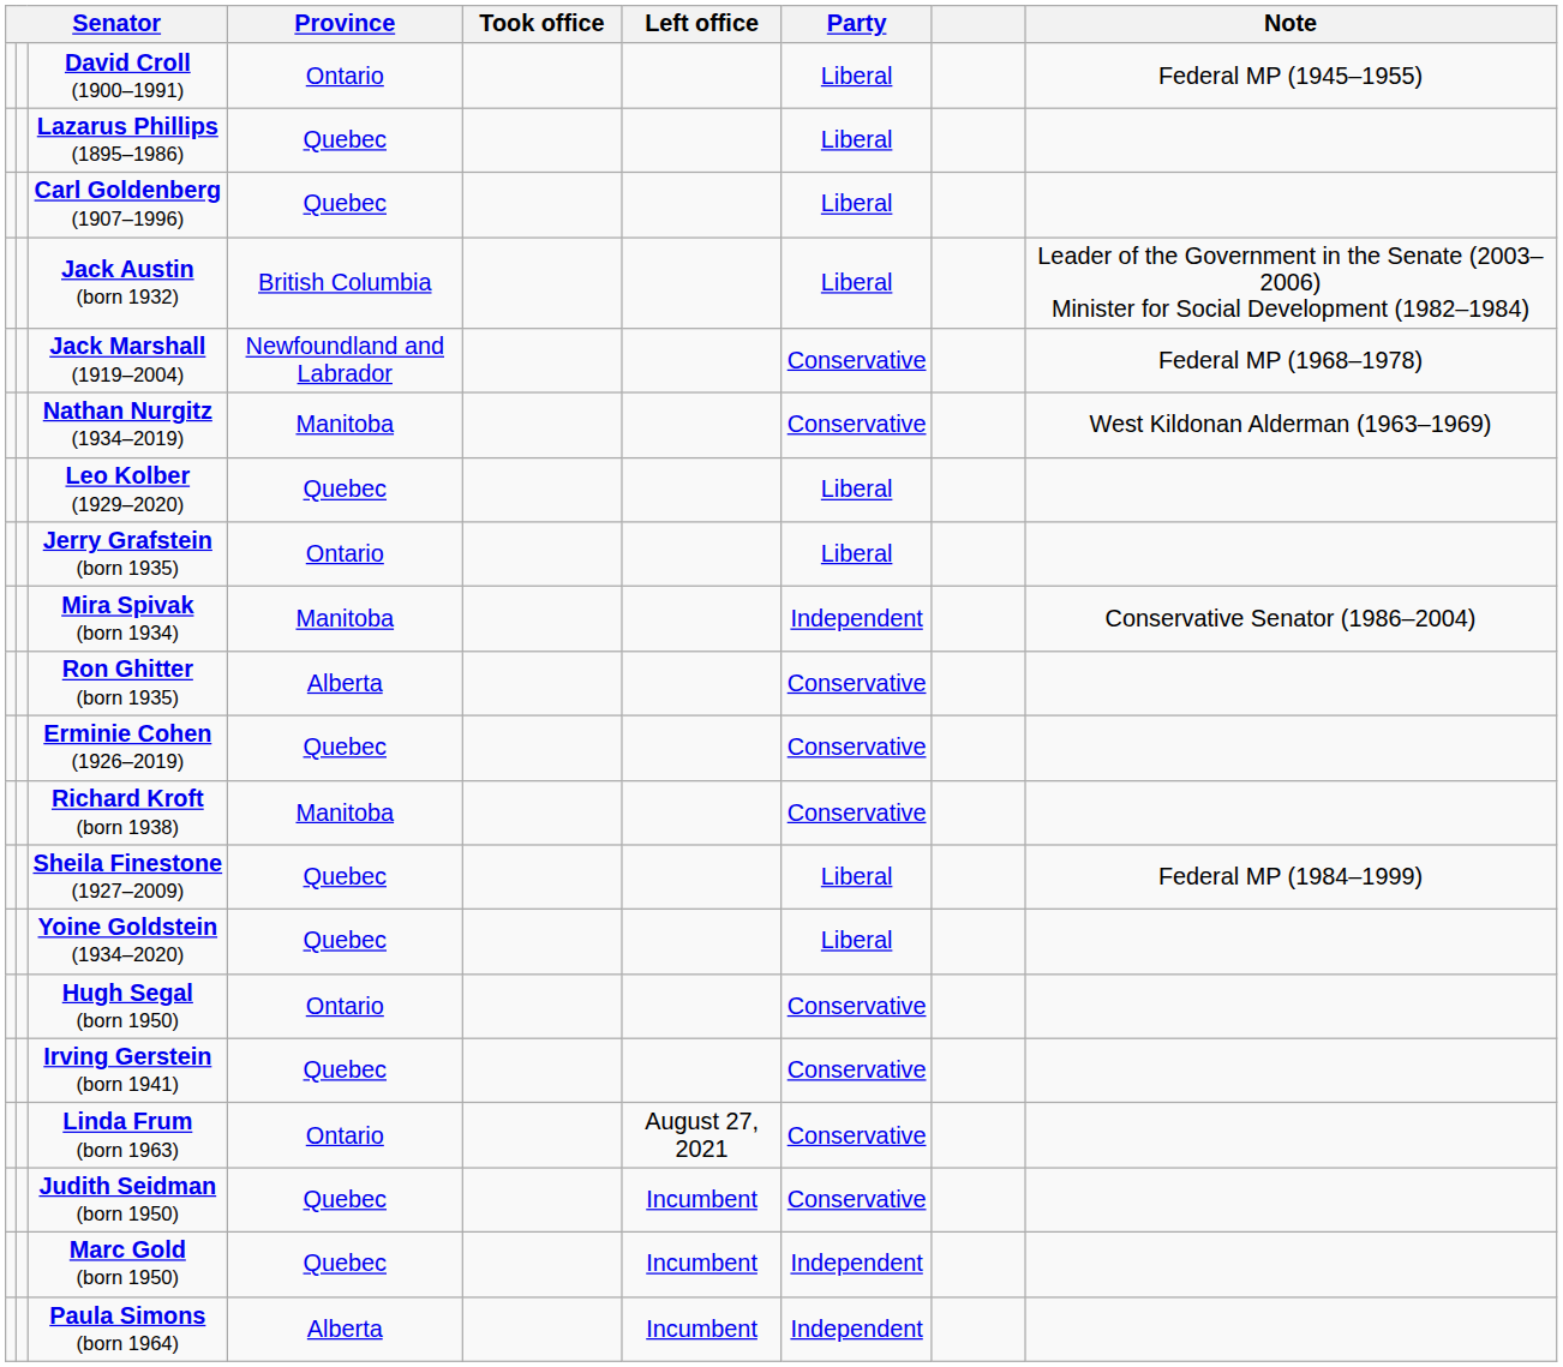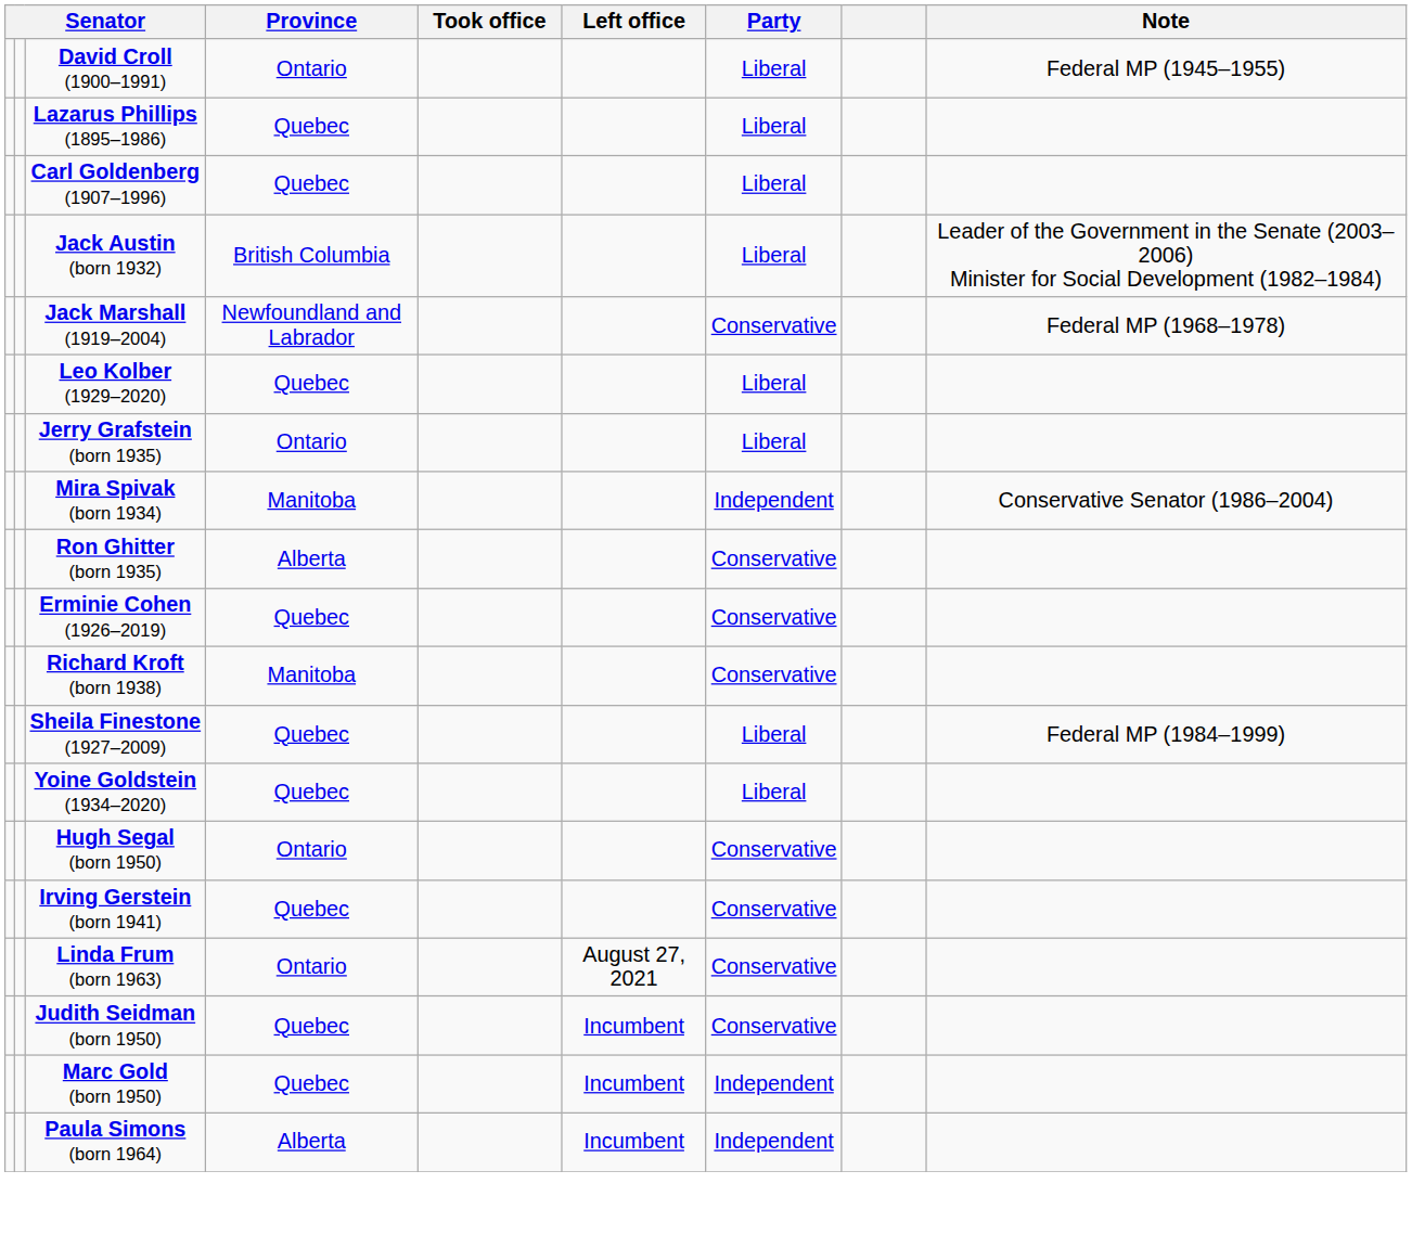 <table class="wikitable sortable plainrowheaders" style="text-align:center">
 <tr>
 <th colspan="3" class=unsortable><a href='#'>Senator</a></th>
 <th scope="col" width=150px><a href='#'>Province</a></th>
 <th scope="col" width=100px>Took office</th>
 <th scope="col" width=100px>Left office</th>
 <th scope="col" width=70px><a href='#'>Party</a></th>
 <th scope="col" class=unsortable width=55px></th>
 <th scope="col" class=unsortable width=350px>Note</th>
 </tr>
 <tr>
 <td style="background:"></td>
 <td></td>
 <td><strong><a href='#'>David Croll</a></strong><br><small>(1900–1991)</small></td>
 <td><a href='#'>Ontario</a></td>
 <td></td>
 <td></td>
 <td><a href='#'>Liberal</a></td>
 <td></td>
 <td>Federal MP (1945–1955)</td>
 </tr>
 <tr>
 <td style="background:"></td>
 <td></td>
 <td><strong><a href='#'>Lazarus Phillips</a></strong><br><small>(1895–1986)</small></td>
 <td><a href='#'>Quebec</a></td>
 <td></td>
 <td></td>
 <td><a href='#'>Liberal</a></td>
 <td></td>
 <td></td>
 </tr>
 <tr>
 <td style="background:"></td>
 <td></td>
 <td><strong><a href='#'>Carl Goldenberg</a></strong><br><small>(1907–1996)</small></td>
 <td><a href='#'>Quebec</a></td>
 <td></td>
 <td></td>
 <td><a href='#'>Liberal</a></td>
 <td></td>
 <td></td>
 </tr>
 <tr>
 <td style="background:"></td>
 <td></td>
 <td><strong><a href='#'>Jack Austin</a></strong><br><small>(born 1932)</small></td>
 <td><a href='#'>British Columbia</a></td>
 <td></td>
 <td></td>
 <td><a href='#'>Liberal</a></td>
 <td></td>
 <td>Leader of the Government in the Senate (2003–2006)<br>Minister for Social Development (1982–1984)</td>
 </tr>
 <tr>
 <td style="background:"></td>
 <td></td>
 <td><strong><a href='#'>Jack Marshall</a></strong><br><small>(1919–2004)</small></td>
 <td><a href='#'>Newfoundland and Labrador</a></td>
 <td></td>
 <td></td>
 <td><a href='#'>Conservative</a></td>
 <td></td>
 <td>Federal MP (1968–1978)</td>
-</tr>
-<tr>
-<td style="background:"></td>
-<td></td>
-<td><strong><a href='#'>Nathan Nurgitz</a></strong><br><small>(1934–2019)</small></td>
-<td><a href='#'>Manitoba</a></td>
-<td></td>
-<td></td>
-<td><a href='#'>Conservative</a></td>
-<td></td>
-<td>West Kildonan Alderman (1963–1969)</td>
 </tr>
 <tr>
 <td style="background:"></td>
 <td></td>
 <td><strong><a href='#'>Leo Kolber</a></strong><br><small>(1929–2020)</small></td>
 <td><a href='#'>Quebec</a></td>
 <td></td>
 <td></td>
 <td><a href='#'>Liberal</a></td>
 <td></td>
 <td></td>
 </tr>
 <tr>
 <td style="background:"></td>
 <td></td>
 <td><strong><a href='#'>Jerry Grafstein</a></strong><br><small>(born 1935)</small></td>
 <td><a href='#'>Ontario</a></td>
 <td></td>
 <td></td>
 <td><a href='#'>Liberal</a></td>
 <td></td>
 <td></td>
 </tr>
 <tr>
 <td style="background:"></td>
 <td></td>
 <td><strong><a href='#'>Mira Spivak</a></strong><br><small>(born 1934)</small></td>
 <td><a href='#'>Manitoba</a></td>
 <td></td>
 <td></td>
 <td><a href='#'>Independent</a></td>
 <td></td>
 <td>Conservative Senator (1986–2004)</td>
 </tr>
 <tr>
 <td style="background:"></td>
 <td></td>
 <td><strong><a href='#'>Ron Ghitter</a></strong><br><small>(born 1935)</small></td>
 <td><a href='#'>Alberta</a></td>
 <td></td>
 <td></td>
 <td><a href='#'>Conservative</a></td>
 <td></td>
 <td></td>
 </tr>
 <tr>
 <td style="background:"></td>
 <td></td>
 <td><strong><a href='#'>Erminie Cohen</a></strong><br><small>(1926–2019)</small></td>
 <td><a href='#'>Quebec</a></td>
 <td></td>
 <td></td>
 <td><a href='#'>Conservative</a></td>
 <td></td>
 <td></td>
 </tr>
 <tr>
 <td style="background:"></td>
 <td></td>
 <td><strong><a href='#'>Richard Kroft</a></strong><br><small>(born 1938)</small></td>
 <td><a href='#'>Manitoba</a></td>
 <td></td>
 <td></td>
 <td><a href='#'>Conservative</a></td>
 <td></td>
 <td></td>
 </tr>
 <tr>
 <td style="background:"></td>
 <td></td>
 <td><strong><a href='#'>Sheila Finestone</a></strong><br><small>(1927–2009)</small></td>
 <td><a href='#'>Quebec</a></td>
 <td></td>
 <td></td>
 <td><a href='#'>Liberal</a></td>
 <td></td>
 <td>Federal MP (1984–1999)</td>
 </tr>
 <tr>
 <td style="background:"></td>
 <td></td>
 <td><strong><a href='#'>Yoine Goldstein</a></strong><br><small>(1934–2020)</small></td>
 <td><a href='#'>Quebec</a></td>
 <td></td>
 <td></td>
 <td><a href='#'>Liberal</a></td>
 <td></td>
 <td></td>
 </tr>
 <tr>
 <td style="background:"></td>
 <td></td>
 <td><strong><a href='#'>Hugh Segal</a></strong><br><small>(born 1950)</small></td>
 <td><a href='#'>Ontario</a></td>
 <td></td>
 <td></td>
 <td><a href='#'>Conservative</a></td>
 <td></td>
 <td></td>
 </tr>
 <tr>
 <td style="background:"></td>
 <td></td>
 <td><strong><a href='#'>Irving Gerstein</a></strong><br><small>(born 1941)</small></td>
 <td><a href='#'>Quebec</a></td>
 <td></td>
 <td></td>
 <td><a href='#'>Conservative</a></td>
 <td></td>
 <td></td>
 </tr>
 <tr>
 <td style="background:"></td>
 <td></td>
 <td><strong><a href='#'>Linda Frum</a></strong><br><small>(born 1963)</small></td>
 <td><a href='#'>Ontario</a></td>
 <td></td>
 <td>August 27, 2021</td>
 <td><a href='#'>Conservative</a></td>
 <td></td>
 <td></td>
 </tr>
 <tr>
 <td style="background:"></td>
 <td></td>
 <td><strong><a href='#'>Judith Seidman</a></strong><br><small>(born 1950)</small></td>
 <td><a href='#'>Quebec</a></td>
 <td></td>
 <td><a href='#'>Incumbent</a></td>
 <td><a href='#'>Conservative</a></td>
 <td></td>
 <td></td>
 </tr>
 <tr>
 <td style="background:"></td>
 <td></td>
 <td><strong><a href='#'>Marc Gold</a></strong><br><small>(born 1950)</small></td>
 <td><a href='#'>Quebec</a></td>
 <td></td>
 <td><a href='#'>Incumbent</a></td>
 <td><a href='#'>Independent</a></td>
 <td></td>
 <td></td>
 </tr>
 <tr>
 <td style="background:"></td>
 <td></td>
 <td><strong><a href='#'>Paula Simons</a></strong><br><small>(born 1964)</small></td>
 <td><a href='#'>Alberta</a></td>
 <td></td>
 <td><a href='#'>Incumbent</a></td>
 <td><a href='#'>Independent</a></td>
 <td></td>
 <td></td>
 </tr>
 </table>
